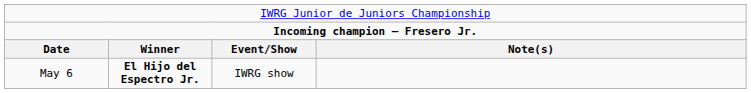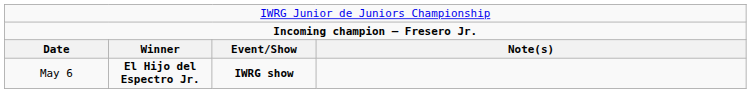 <table class="wikitable" style="text-align:center; width:100%;">
 <tr>
 <td colspan="4" style="text-align: center;"><a href='#'>IWRG Junior de Juniors Championship</a></td>
 </tr>
 <tr>
 <td colspan="4" style="text-align: center;"><strong>Incoming champion – Fresero Jr.</strong></td>
 </tr>
 <tr>
 <th width=14%>Date</th>
 <th width=14%>Winner</th>
 <th width=14%>Event/Show</th>
 <th width=58%>Note(s)</th>
 </tr>
 <tr>
 <td>May 6</td>
 <td><strong>El Hijo del Espectro Jr.</strong></td>
-<td>IWRG show</td>
+<td><strong>IWRG show</strong></td>
 <td></td>
 </tr>
 </table>
